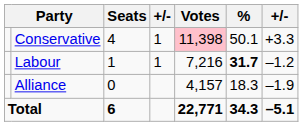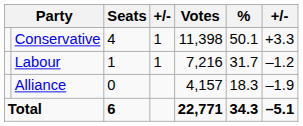 <table class="wikitable sortable">
 <tr>
 <th colspan="2">Party</th>
 <th>Seats</th>
 <th>+/-</th>
 <th>Votes</th>
 <th>%</th>
 <th>+/-</th>
 </tr>
 <tr>
 <td style="background-color: "></td>
 <td><a href='#'>Conservative</a></td>
 <td>4</td>
 <td> 1</td>
-<td style="background: pink; text-align:right;">11,398</td>
+<td style="text-align:right;">11,398</td>
 <td style="text-align:right;">50.1</td>
 <td style="text-align:right;">+3.3</td>
 </tr>
 <tr>
 <td style="background-color: "></td>
 <td><a href='#'>Labour</a></td>
 <td>1</td>
 <td> 1</td>
 <td style="text-align:right;">7,216</td>
-<td style="text-align:right;"><strong>31.7</strong></td>
+<td style="text-align:right;">31.7</td>
 <td style="text-align:right;">–1.2</td>
 </tr>
 <tr>
 <td style="background-color: "></td>
 <td><a href='#'>Alliance</a></td>
 <td>0</td>
 <td></td>
 <td style="text-align:right;">4,157</td>
 <td style="text-align:right;">18.3</td>
 <td style="text-align:right;">–1.9</td>
 </tr>
 <tr>
 <td colspan="2"><strong>Total</strong></td>
 <td><strong>6</strong></td>
 <td></td>
 <td style="text-align:right;"><strong>22,771</strong></td>
 <td style="text-align:right;"><strong>34.3</strong></td>
 <td style="text-align:right;"><strong>–5.1</strong></td>
 </tr>
 </table>
